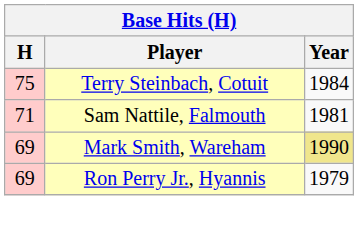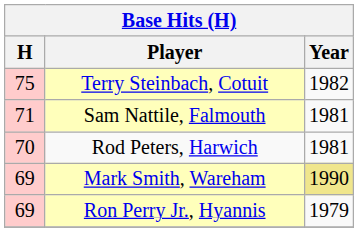 <table class="wikitable" style="display: inline-table; margin-right: 20px; text-align:center">
 <tr>
 <th colspan="3"><a href='#'>Base Hits (H)</a></th>
 </tr>
 <tr>
 <th scope="col" style="width: 25px;">H</th>
 <th scope="col" style="width: 200px;">Player</th>
 <th scope="col" style="width: 25px;">Year</th>
 </tr>
 <tr>
 <td bgcolor=#ffcccc>75</td>
 <td !scope="row" style="background:#ffb;"><a href='#'>Terry Steinbach</a>, <a href='#'>Cotuit</a></td>
-<td>1984</td>
+<td>1982</td>
 </tr>
 <tr>
 <td bgcolor=#ffcccc>71</td>
 <td !scope="row" style="background:#ffb;">Sam Nattile, <a href='#'>Falmouth</a></td>
+<td>1981</td>
+</tr>
+<tr>
+<td bgcolor=#ffcccc>70</td>
+<td>Rod Peters, <a href='#'>Harwich</a></td>
 <td>1981</td>
 </tr>
 <tr>
 <td bgcolor=#ffcccc>69</td>
 <td !scope="row" style="background:#ffb;"><a href='#'>Mark Smith</a>, <a href='#'>Wareham</a></td>
 <td style="background: khaki;">1990</td>
 </tr>
 <tr>
 <td bgcolor=#ffcccc>69</td>
 <td !scope="row" style="background:#ffb;"><a href='#'>Ron Perry Jr.</a>, <a href='#'>Hyannis</a></td>
 <td>1979</td>
 </tr>
 <tr>
 </tr>
 </table>
